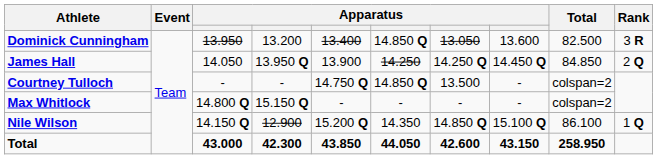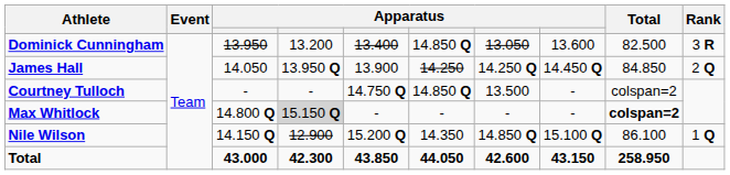 <table class="wikitable" style="font-size:90%">
 <tr>
 <th rowspan=2>Athlete</th>
 <th rowspan=2>Event</th>
 <th colspan=6>Apparatus</th>
 <th rowspan=2>Total</th>
 <th rowspan=2>Rank</th>
 </tr>
 <tr style="font-size:95%">
 <th></th>
 <th></th>
 <th></th>
 <th></th>
 <th></th>
 <th></th>
 </tr>
 <tr align=center>
 <td align=left><strong><a href='#'>Dominick Cunningham</a></strong></td>
 <td align=left rowspan=6><a href='#'>Team</a></td>
 <td><s>13.950</s></td>
 <td>13.200</td>
 <td><s>13.400</s></td>
 <td>14.850 <strong>Q</strong></td>
 <td><s>13.050</s></td>
 <td>13.600</td>
 <td>82.500</td>
 <td>3 <strong>R</strong></td>
 </tr>
 <tr align=center>
 <td align=left><strong><a href='#'>James Hall</a></strong></td>
 <td>14.050</td>
 <td>13.950 <strong>Q</strong></td>
 <td>13.900</td>
 <td><s>14.250</s></td>
 <td>14.250 <strong>Q</strong></td>
 <td>14.450 <strong>Q</strong></td>
 <td>84.850</td>
 <td>2 <strong>Q</strong></td>
 </tr>
 <tr align=center>
 <td align=left><strong><a href='#'>Courtney Tulloch</a></strong></td>
 <td>-</td>
 <td>-</td>
 <td>14.750 <strong>Q</strong></td>
 <td>14.850 <strong>Q</strong></td>
 <td>13.500</td>
 <td>-</td>
 <td>colspan=2 </td>
 </tr>
 <tr align=center>
 <td align=left><strong><a href='#'>Max Whitlock</a></strong></td>
 <td>14.800 <strong>Q</strong></td>
-<td>15.150 <strong>Q</strong></td>
+<td style="background: lightgrey;">15.150 <strong>Q</strong></td>
 <td>-</td>
 <td>-</td>
 <td>-</td>
 <td>-</td>
-<td>colspan=2 </td>
+<td><strong>colspan=2 </strong></td>
 </tr>
 <tr align=center>
 <td align=left><strong><a href='#'>Nile Wilson</a></strong></td>
 <td>14.150 <strong>Q</strong></td>
 <td><s>12.900</s></td>
 <td>15.200 <strong>Q</strong></td>
 <td>14.350</td>
 <td>14.850 <strong>Q</strong></td>
 <td>15.100 <strong>Q</strong></td>
 <td>86.100</td>
 <td>1 <strong>Q</strong></td>
 </tr>
 <tr align=center>
 <td align=left><strong>Total</strong></td>
 <td><strong>43.000</strong></td>
 <td><strong>42.300</strong></td>
 <td><strong>43.850</strong></td>
 <td><strong>44.050</strong></td>
 <td><strong>42.600</strong></td>
 <td><strong>43.150</strong></td>
 <td><strong>258.950</strong></td>
 <td></td>
 </tr>
 </table>
